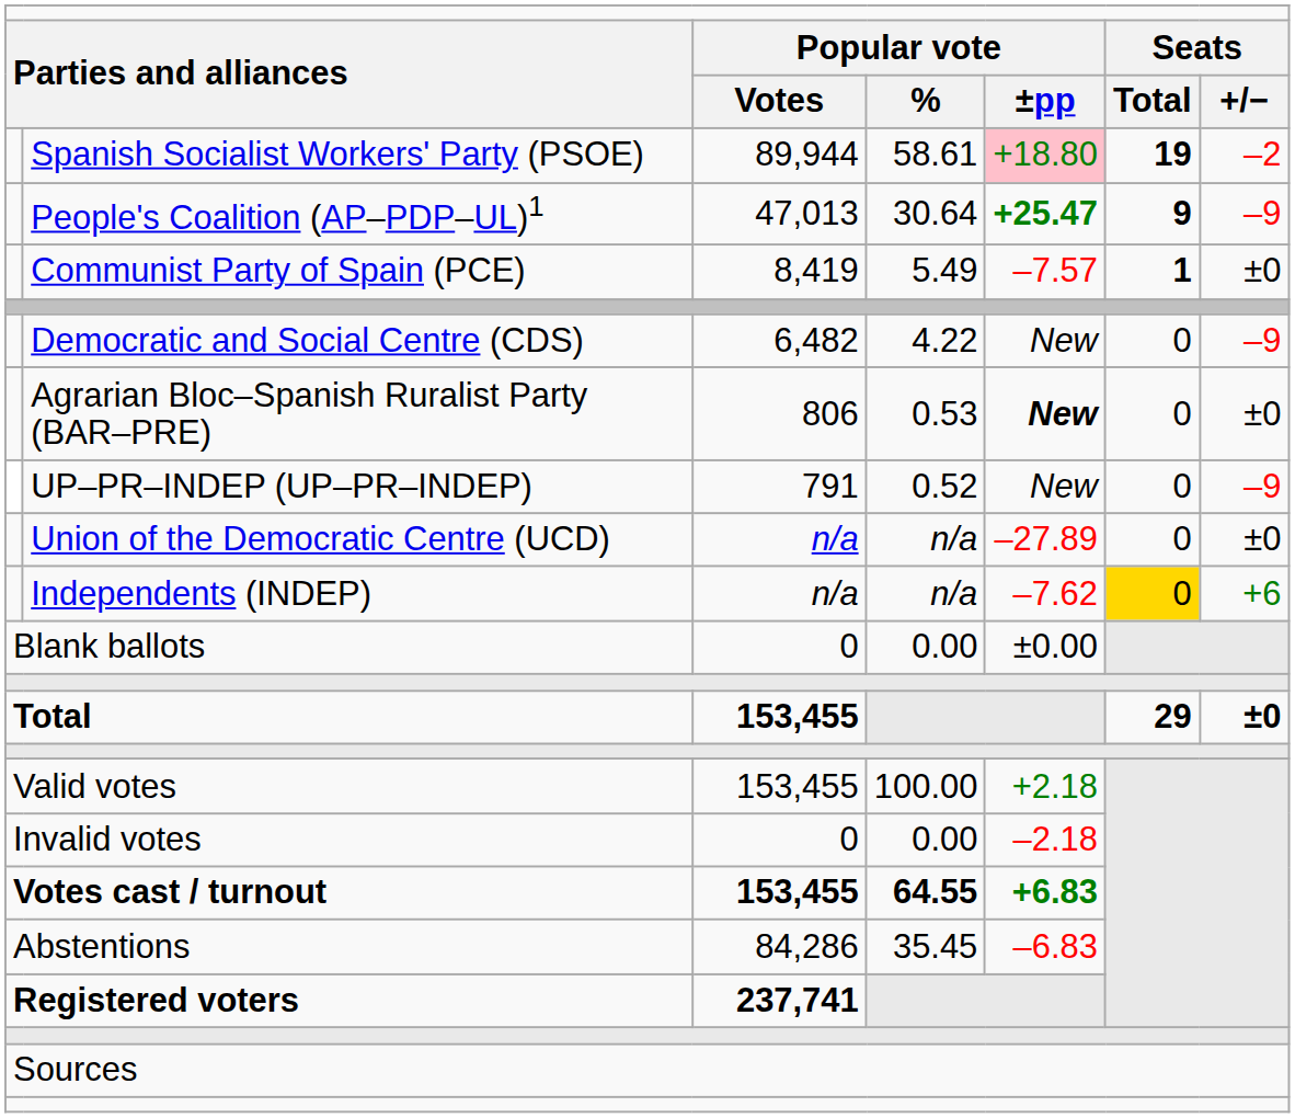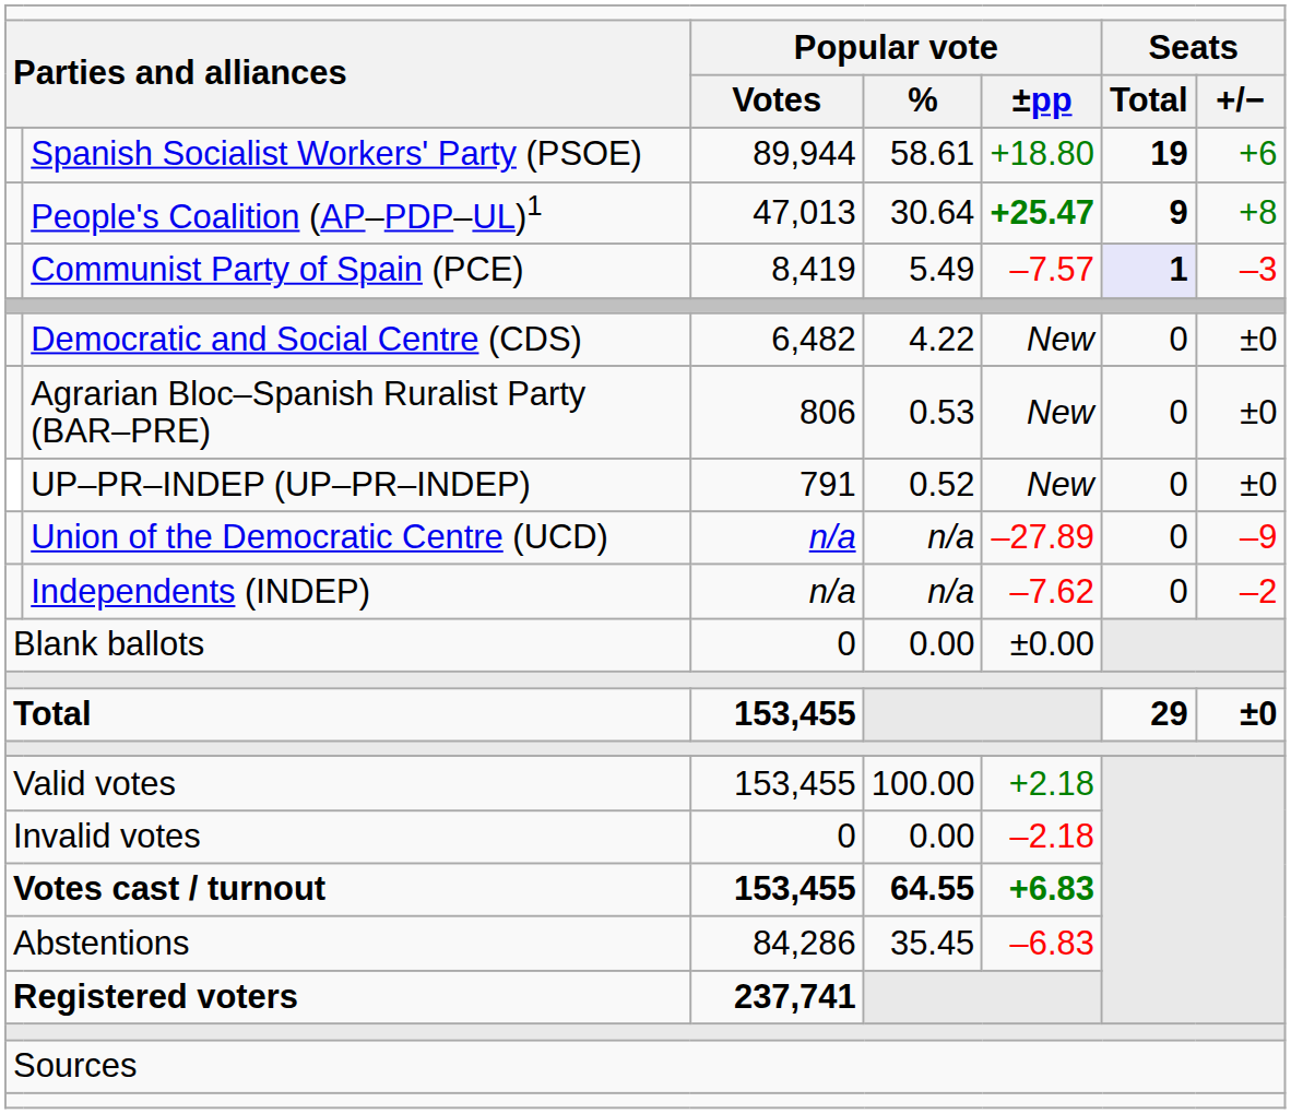 <table class="wikitable" style="text-align:right;">
 <tr>
 <td colspan="7"></td>
 </tr>
 <tr>
 <th style="text-align:left;" rowspan="2" colspan="2" width="525">Parties and alliances</th>
 <th colspan="3">Popular vote</th>
 <th colspan="2">Seats</th>
 </tr>
 <tr>
 <th width="75">Votes</th>
 <th width="45">%</th>
 <th width="45">±<a href='#'>pp</a></th>
 <th width="35">Total</th>
 <th width="35">+/−</th>
 </tr>
 <tr>
 <td width="1" style="color:inherit;background:"></td>
 <td align="left"><a href='#'>Spanish Socialist Workers' Party</a> (PSOE)</td>
 <td>89,944</td>
 <td>58.61</td>
-<td style="background: pink; color:green;">+18.80</td>
+<td style="color:green;">+18.80</td>
 <td><strong>19</strong></td>
-<td style="color:red;">–2</td>
+<td style="color:green;">+6</td>
 </tr>
 <tr>
 <td style="color:inherit;background:"></td>
 <td align="left"><a href='#'>People's Coalition</a> (<a href='#'>AP</a>–<a href='#'>PDP</a>–<a href='#'>UL</a>)<sup>1</sup></td>
 <td>47,013</td>
 <td>30.64</td>
 <td style="color:green;"><strong>+25.47</strong></td>
 <td><strong>9</strong></td>
-<td style="color:red;">–9</td>
+<td style="color:green;">+8</td>
 </tr>
 <tr>
 <td style="color:inherit;background:"></td>
 <td align="left"><a href='#'>Communist Party of Spain</a> (PCE)</td>
 <td>8,419</td>
 <td>5.49</td>
 <td style="color:red;">–7.57</td>
-<td><strong>1</strong></td>
-<td>±0</td>
+<td style="background: lavender;"><strong>1</strong></td>
+<td style="color:red;">–3</td>
 </tr>
 <tr>
 <td colspan="7" bgcolor="#C0C0C0"></td>
 </tr>
 <tr>
 <td style="color:inherit;background:"></td>
 <td align="left"><a href='#'>Democratic and Social Centre</a> (CDS)</td>
 <td>6,482</td>
 <td>4.22</td>
 <td><em>New</em></td>
 <td>0</td>
-<td style="color:red;">–9</td>
+<td>±0</td>
 </tr>
 <tr>
 <td style="color:inherit;background:"></td>
 <td align="left">Agrarian Bloc–Spanish Ruralist Party (BAR–PRE)</td>
 <td>806</td>
 <td>0.53</td>
-<td><strong><em>New</em></strong></td>
+<td><em>New</em></td>
 <td>0</td>
 <td>±0</td>
 </tr>
 <tr>
 <td bgcolor="white"></td>
 <td align="left">UP–PR–INDEP (UP–PR–INDEP)</td>
 <td>791</td>
 <td>0.52</td>
 <td><em>New</em></td>
 <td>0</td>
-<td style="color:red;">–9</td>
+<td>±0</td>
 </tr>
 <tr>
 <td style="color:inherit;background:"></td>
 <td align="left"><a href='#'>Union of the Democratic Centre</a> (UCD)</td>
 <td><em><a href='#'>n/a</a></em></td>
 <td><em>n/a</em></td>
 <td style="color:red;">–27.89</td>
 <td>0</td>
-<td>±0</td>
+<td style="color:red;">–9</td>
 </tr>
 <tr>
 <td style="color:inherit;background:"></td>
 <td align="left"><a href='#'>Independents</a> (INDEP)</td>
 <td><em>n/a</em></td>
 <td><em>n/a</em></td>
 <td style="color:red;">–7.62</td>
-<td style="background: gold;">0</td>
-<td style="color:green;">+6</td>
+<td>0</td>
+<td style="color:red;">–2</td>
 </tr>
 <tr>
 <td align="left" colspan="2">Blank ballots</td>
 <td>0</td>
 <td>0.00</td>
 <td>±0.00</td>
 <td bgcolor="#E9E9E9" colspan="2"></td>
 </tr>
 <tr>
 <td colspan="7" bgcolor="#E9E9E9"></td>
 </tr>
 <tr style="font-weight:bold;">
 <td align="left" colspan="2">Total</td>
 <td>153,455</td>
 <td bgcolor="#E9E9E9" colspan="2"></td>
 <td>29</td>
 <td>±0</td>
 </tr>
 <tr>
 <td colspan="7" bgcolor="#E9E9E9"></td>
 </tr>
 <tr>
 <td align="left" colspan="2">Valid votes</td>
 <td>153,455</td>
 <td>100.00</td>
 <td style="color:green;">+2.18</td>
 <td bgcolor="#E9E9E9" colspan="2" rowspan="5"></td>
 </tr>
 <tr>
 <td align="left" colspan="2">Invalid votes</td>
 <td>0</td>
 <td>0.00</td>
 <td style="color:red;">–2.18</td>
 </tr>
 <tr style="font-weight:bold;">
 <td align="left" colspan="2">Votes cast / turnout</td>
 <td>153,455</td>
 <td>64.55</td>
 <td style="color:green;">+6.83</td>
 </tr>
 <tr>
 <td align="left" colspan="2">Abstentions</td>
 <td>84,286</td>
 <td>35.45</td>
 <td style="color:red;">–6.83</td>
 </tr>
 <tr style="font-weight:bold;">
 <td align="left" colspan="2">Registered voters</td>
 <td>237,741</td>
 <td bgcolor="#E9E9E9" colspan="2"></td>
 </tr>
 <tr>
 <td colspan="7" bgcolor="#E9E9E9"></td>
 </tr>
 <tr>
 <td align="left" colspan="7">Sources</td>
 </tr>
 <tr>
 <td colspan="7" style="text-align:left; max-width:790px;"></td>
 </tr>
 </table>
